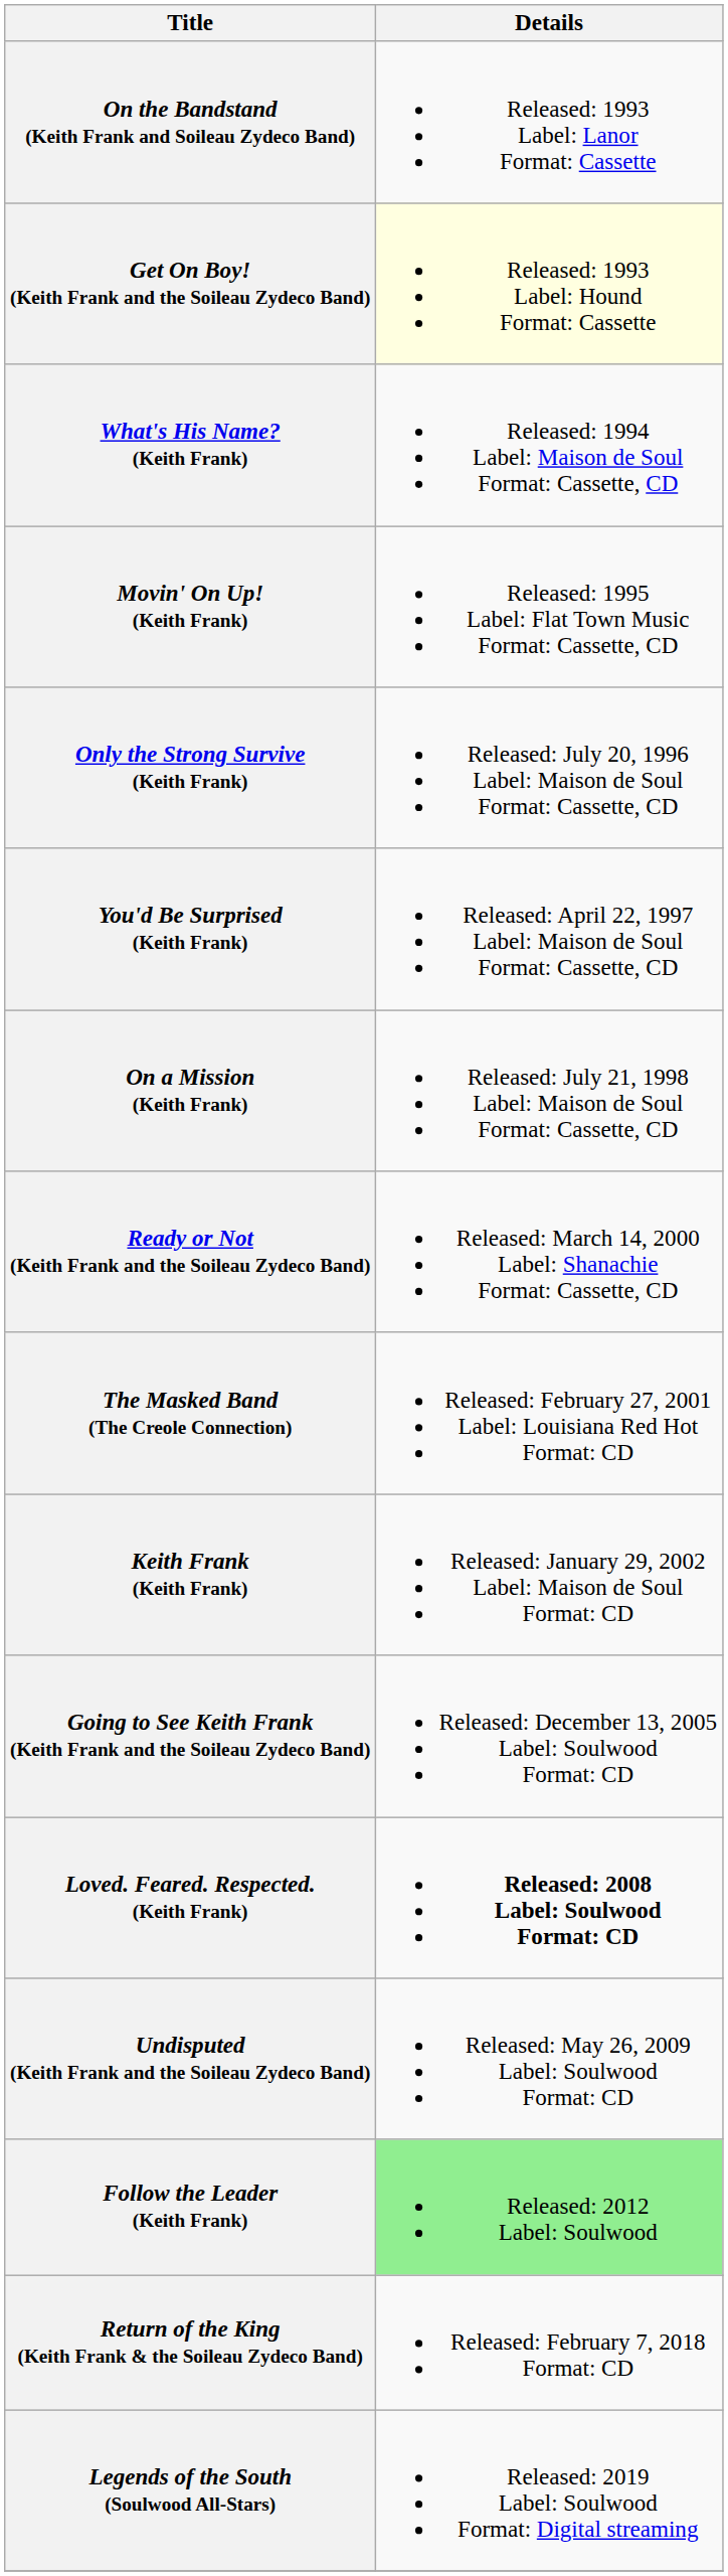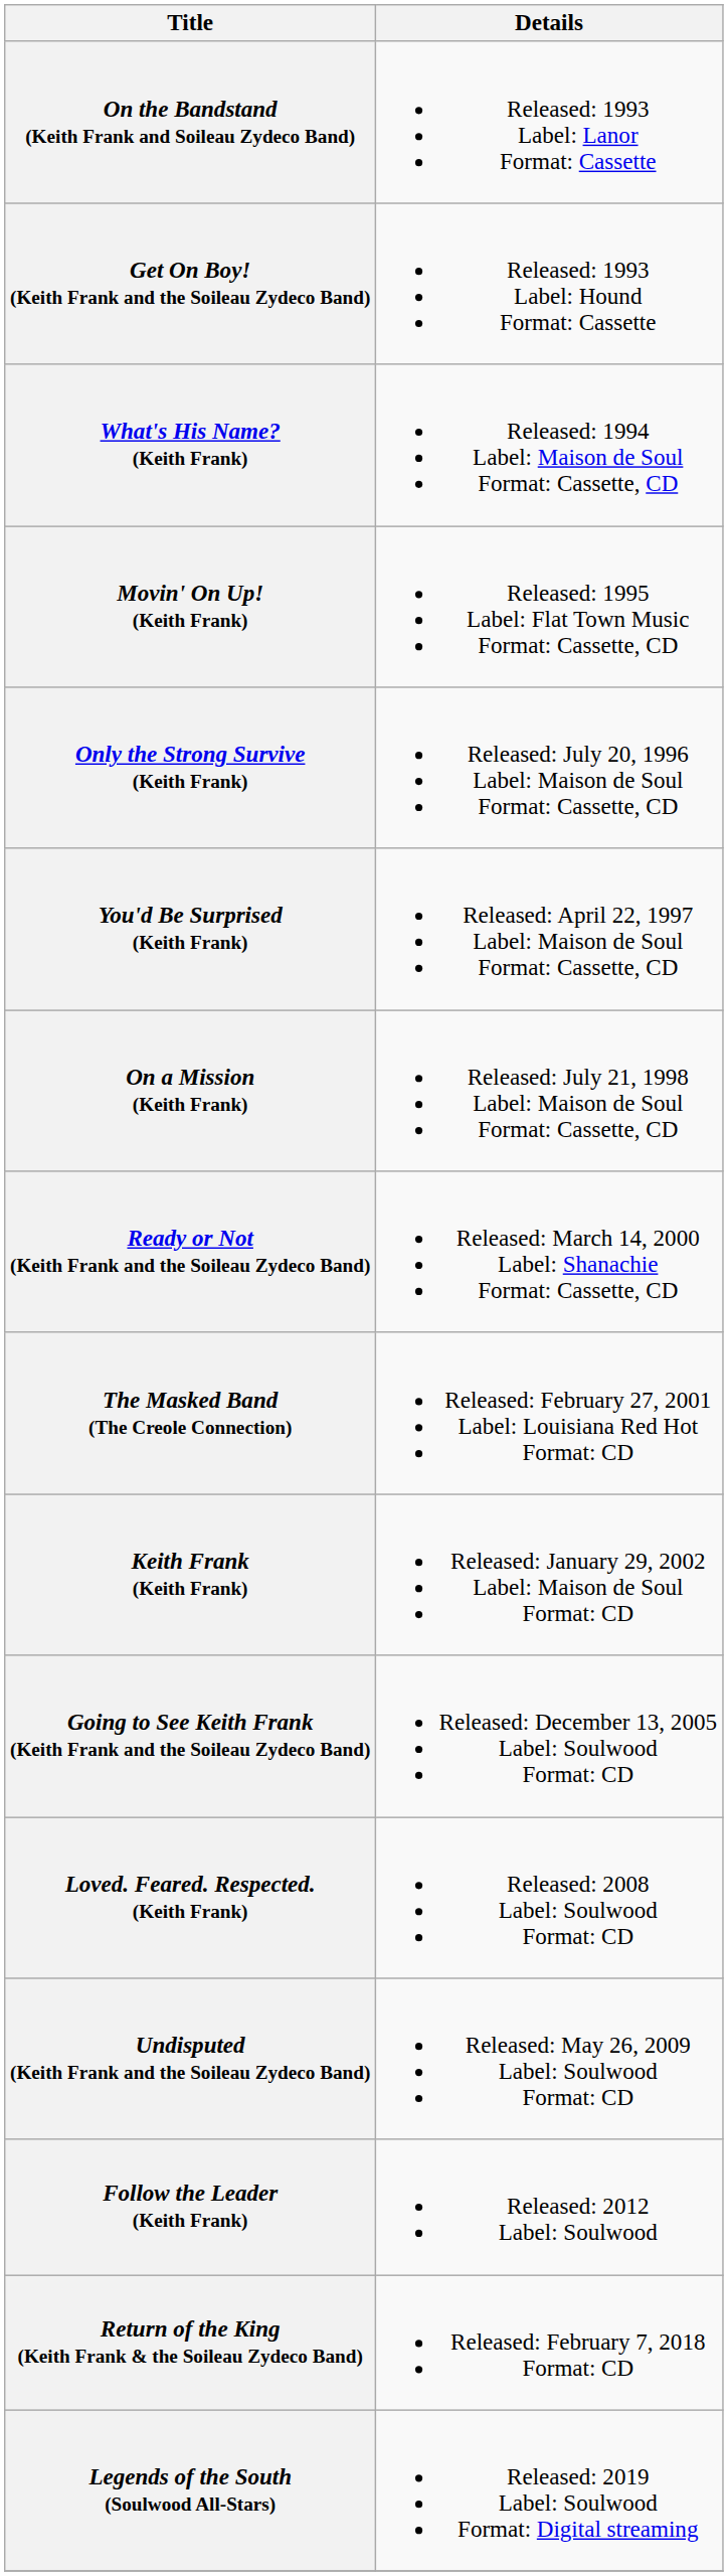 <table class="wikitable plainrowheaders" style="text-align:center;">
 <tr>
 <th scope="col">Title</th>
 <th scope="col">Details</th>
 </tr>
 <tr>
 <th scope="row"><em>On the Bandstand</em><br><small>(Keith Frank and Soileau Zydeco Band)</small></th>
 <td><br><ul><li>Released: 1993</li><li>Label: <a href='#'>Lanor</a></li><li>Format: <a href='#'>Cassette</a></li></ul></td>
 </tr>
 <tr>
 <th scope="row"><em>Get On Boy!</em><br><small>(Keith Frank and the Soileau Zydeco Band)</small></th>
-<td style="background: lightyellow;"><br><ul><li>Released: 1993</li><li>Label: Hound</li><li>Format: Cassette</li></ul></td>
+<td><br><ul><li>Released: 1993</li><li>Label: Hound</li><li>Format: Cassette</li></ul></td>
 </tr>
 <tr>
 <th scope="row"><em><a href='#'>What's His Name?</a></em><br><small>(Keith Frank)</small></th>
 <td><br><ul><li>Released: 1994</li><li>Label: <a href='#'>Maison de Soul</a></li><li>Format: Cassette, <a href='#'>CD</a></li></ul></td>
 </tr>
 <tr>
 <th scope="row"><em>Movin' On Up!</em><br><small>(Keith Frank)</small></th>
 <td><br><ul><li>Released: 1995</li><li>Label: Flat Town Music</li><li>Format: Cassette, CD</li></ul></td>
 </tr>
 <tr>
 <th scope="row"><em><a href='#'>Only the Strong Survive</a></em><br><small>(Keith Frank)</small></th>
 <td><br><ul><li>Released: July 20, 1996</li><li>Label: Maison de Soul</li><li>Format: Cassette, CD</li></ul></td>
 </tr>
 <tr>
 <th scope="row"><em>You'd Be Surprised</em><br><small>(Keith Frank)</small></th>
 <td><br><ul><li>Released: April 22, 1997</li><li>Label: Maison de Soul</li><li>Format: Cassette, CD</li></ul></td>
 </tr>
 <tr>
 <th scope="row"><em>On a Mission</em><br><small>(Keith Frank)</small></th>
 <td><br><ul><li>Released: July 21, 1998</li><li>Label: Maison de Soul</li><li>Format: Cassette, CD</li></ul></td>
 </tr>
 <tr>
 <th scope="row"><em><a href='#'>Ready or Not</a></em><br><small>(Keith Frank and the Soileau Zydeco Band)</small></th>
 <td><br><ul><li>Released: March 14, 2000</li><li>Label: <a href='#'>Shanachie</a></li><li>Format: Cassette, CD</li></ul></td>
 </tr>
 <tr>
 <th scope="row"><em>The Masked Band</em><br><small>(The Creole Connection)</small></th>
 <td><br><ul><li>Released: February 27, 2001</li><li>Label: Louisiana Red Hot</li><li>Format: CD</li></ul></td>
 </tr>
 <tr>
 <th scope="row"><em>Keith Frank</em><br><small>(Keith Frank)</small></th>
 <td><br><ul><li>Released: January 29, 2002</li><li>Label: Maison de Soul</li><li>Format: CD</li></ul></td>
 </tr>
 <tr>
 <th scope="row"><em>Going to See Keith Frank</em><br><small>(Keith Frank and the Soileau Zydeco Band)</small></th>
 <td><br><ul><li>Released: December 13, 2005</li><li>Label: Soulwood</li><li>Format: CD</li></ul></td>
 </tr>
 <tr>
 <th scope="row"><em>Loved. Feared. Respected.</em><br><small>(Keith Frank)</small></th>
-<td><strong><br><ul><li>Released: 2008</li><li>Label: Soulwood</li><li>Format: CD</li></ul></strong></td>
+<td><br><ul><li>Released: 2008</li><li>Label: Soulwood</li><li>Format: CD</li></ul></td>
 </tr>
 <tr>
 <th scope="row"><em>Undisputed</em><br><small>(Keith Frank and the Soileau Zydeco Band)</small></th>
 <td><br><ul><li>Released: May 26, 2009</li><li>Label: Soulwood</li><li>Format: CD</li></ul></td>
 </tr>
 <tr>
 <th scope="row"><em>Follow the Leader</em><br><small>(Keith Frank)</small></th>
-<td style="background: lightgreen;"><br><ul><li>Released: 2012</li><li>Label: Soulwood</li></ul></td>
+<td><br><ul><li>Released: 2012</li><li>Label: Soulwood</li></ul></td>
 </tr>
 <tr>
 <th scope="row"><em>Return of the King</em><br><small>(Keith Frank & the Soileau Zydeco Band)</small></th>
 <td><br><ul><li>Released: February 7, 2018</li><li>Format: CD</li></ul></td>
 </tr>
 <tr>
 <th scope="row"><em>Legends of the South</em><br><small>(Soulwood All-Stars)</small></th>
 <td><br><ul><li>Released: 2019</li><li>Label: Soulwood</li><li>Format: <a href='#'>Digital streaming</a></li></ul></td>
 </tr>
 <tr>
 </tr>
 </table>
